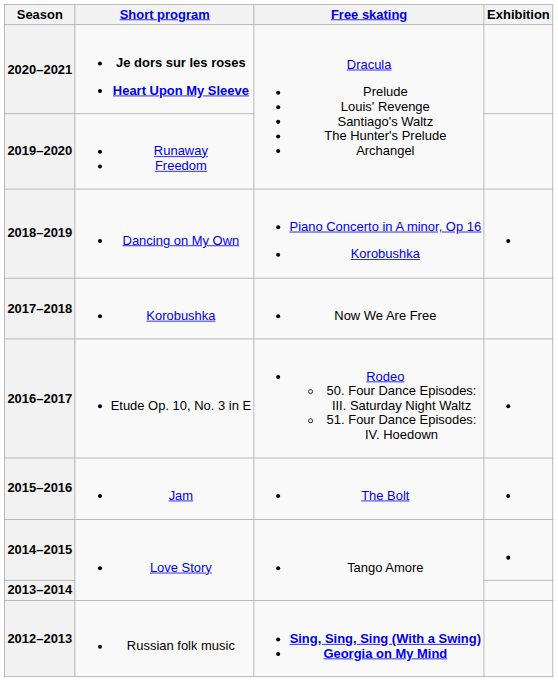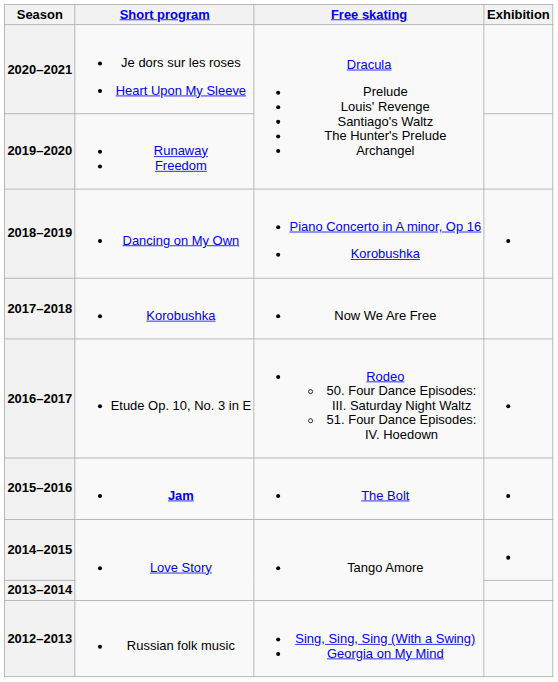 <table class=wikitable style=text-align:center>
 <tr>
 <th>Season</th>
 <th><a href='#'>Short program</a></th>
 <th><a href='#'>Free skating</a></th>
 <th>Exhibition</th>
 </tr>
 <tr>
 <th>2020–2021 <br> </th>
-<td><strong><br><ul><li>Je dors sur les roses<br></li></ul><ul><li><a href='#'>Heart Upon My Sleeve</a> <br> </li></ul></strong></td>
+<td><br><ul><li>Je dors sur les roses<br></li></ul><ul><li><a href='#'>Heart Upon My Sleeve</a> <br> </li></ul></td>
 <td rowspan=2><br><a href='#'>Dracula</a><ul><li>Prelude <br> </li><li>Louis' Revenge</li><li>Santiago's Waltz <br> </li><li>The Hunter's Prelude <br> </li><li>Archangel <br> </li></ul></td>
 <td></td>
 </tr>
 <tr>
 <th>2019–2020 <br> </th>
 <td><br><ul><li><a href='#'>Runaway</a> <br> </li><li><a href='#'>Freedom</a> <br> </li></ul></td>
 <td></td>
 </tr>
 <tr>
 <th>2018–2019 <br></th>
 <td><br><ul><li><a href='#'>Dancing on My Own</a> <br></li></ul></td>
 <td><br><ul><li><a href='#'>Piano Concerto in A minor, Op 16</a> <br> </li></ul><ul><li><a href='#'>Korobushka</a> <br> </li></ul></td>
 <td><br><ul><li></li></ul></td>
 </tr>
 <tr>
 <th>2017–2018 <br> </th>
 <td><br><ul><li><a href='#'>Korobushka</a> <br></li></ul></td>
 <td><br><ul><li>Now We Are Free <br></li></ul></td>
 <td></td>
 </tr>
 <tr>
 <th>2016–2017 <br> </th>
 <td><br><ul><li>Etude Op. 10, No. 3 in E <br></li></ul></td>
 <td><br><ul><li><a href='#'>Rodeo</a> <br><ul><li>50. Four Dance Episodes:<br> III. Saturday Night Waltz</li><li>51. Four Dance Episodes:<br> IV. Hoedown</li></ul></li></ul></td>
 <td><br><ul><li></li></ul></td>
 </tr>
 <tr>
 <th>2015–2016 <br> </th>
-<td><br><ul><li><a href='#'>Jam</a> <br></li></ul></td>
+<td><strong><br><ul><li><a href='#'>Jam</a> <br></li></ul></strong></td>
 <td><br><ul><li><a href='#'>The Bolt</a> <br></li></ul></td>
 <td><br><ul><li></li></ul></td>
 </tr>
 <tr>
 <th>2014–2015</th>
 <td rowspan=2><br><ul><li><a href='#'>Love Story</a> <br></li></ul></td>
 <td rowspan=2><br><ul><li>Tango Amore <br></li></ul></td>
 <td><br><ul><li></li></ul></td>
 </tr>
 <tr>
 <th>2013–2014</th>
 <td></td>
 </tr>
 <tr>
 <th>2012–2013</th>
 <td><br><ul><li>Russian folk music <br></li></ul></td>
-<td><strong><br><ul><li><a href='#'>Sing, Sing, Sing (With a Swing)</a> <br></li><li><a href='#'>Georgia on My Mind</a> <br></li></ul></strong></td>
+<td><br><ul><li><a href='#'>Sing, Sing, Sing (With a Swing)</a> <br></li><li><a href='#'>Georgia on My Mind</a> <br></li></ul></td>
 <td></td>
 </tr>
 </table>
